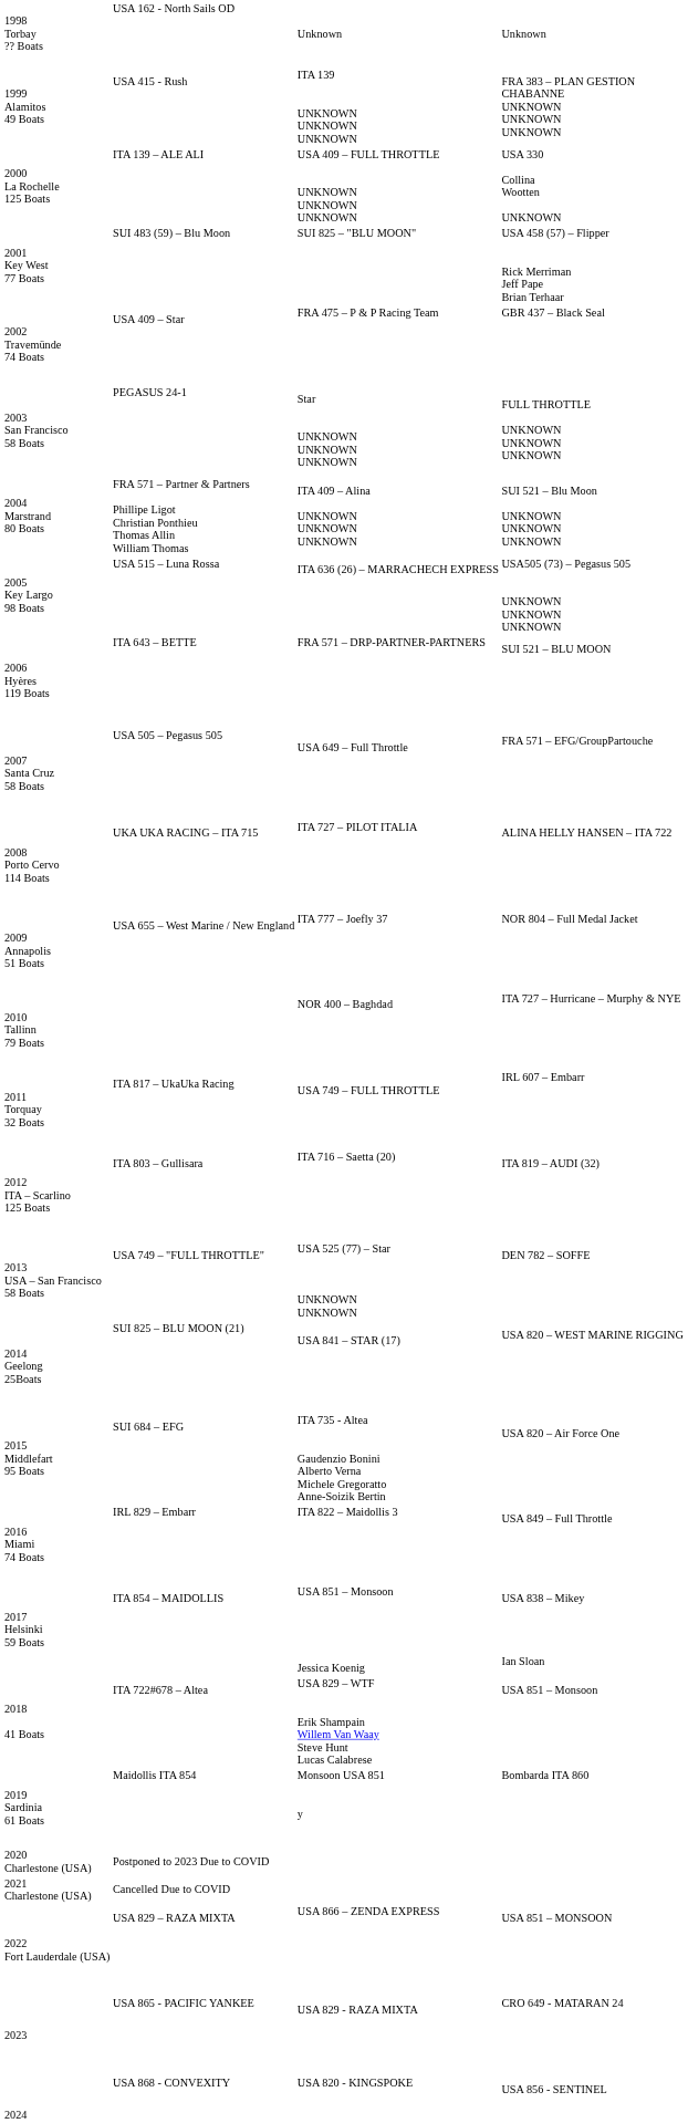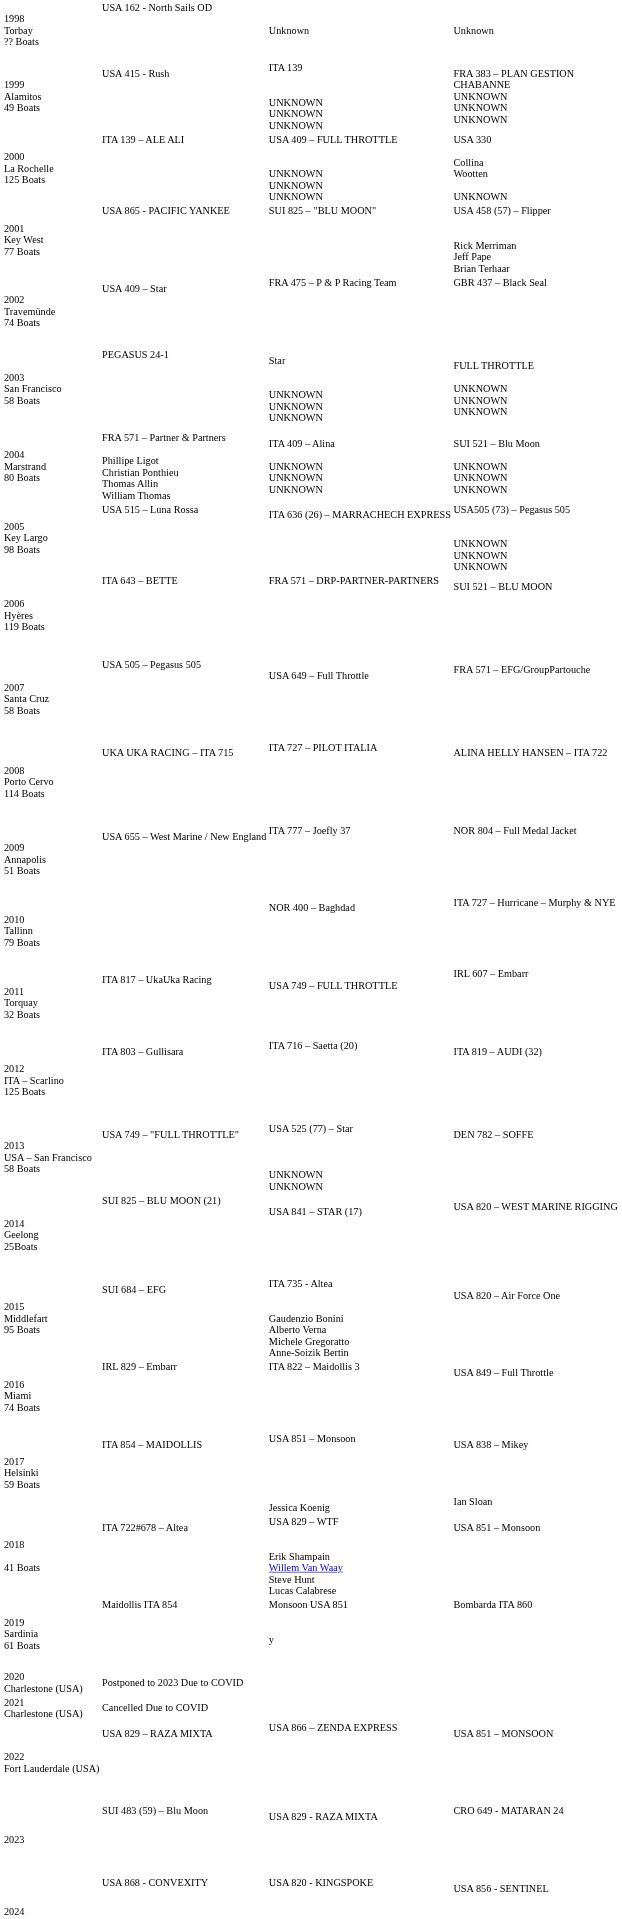 <table>
 <tr>
 <td>1998 <br> Torbay <br>?? Boats</td>
 <td>USA 162 - North Sails OD<br><br><br> <br> <br> </td>
 <td>Unknown</td>
 <td>Unknown</td>
 <td></td>
 </tr>
 <tr>
 <td>1999 <br>Alamitos <br>49 Boats</td>
 <td>USA 415 - Rush<br><br><br> <br> <br> </td>
 <td>ITA 139<br><br><br> UNKNOWN<br> UNKNOWN<br> UNKNOWN</td>
 <td>FRA 383 – PLAN GESTION<br> CHABANNE<br>UNKNOWN<br>UNKNOWN<br>UNKNOWN</td>
 <td></td>
 </tr>
 <tr>
 <td>2000 <br>La Rochelle<br>125 Boats</td>
 <td>ITA 139 – ALE ALI<br><br><br> <br> <br> <br> </td>
 <td>USA 409 – FULL THROTTLE<br><br><br> UNKNOWN<br> UNKNOWN<br> UNKNOWN</td>
 <td>USA 330<br><br>Collina<br> Wootten<br> <br>UNKNOWN</td>
 <td></td>
 </tr>
 <tr>
 <td>2001<br>Key West <br>77 Boats</td>
-<td>SUI 483 (59) – Blu Moon<br><br><br> <br> <br> <br> </td>
+<td>USA 865 - PACIFIC YANKEE<br><br><br> <br> <br> <br> </td>
 <td>SUI 825 – "BLU MOON"<br><br><br> <br> <br> <br> </td>
 <td>USA 458 (57) – Flipper<br><br><br> Rick Merriman<br> Jeff Pape<br> Brian Terhaar</td>
 <td></td>
 </tr>
 <tr>
 <td>2002<br>Travemünde <br>74 Boats</td>
 <td>USA 409 – Star<br><br><br> <br> <br> </td>
 <td>FRA 475 – P & P Racing Team <br><br><br> <br> <br> <br> </td>
 <td>GBR 437 – Black Seal<br><br><br> <br> <br> <br> </td>
 <td></td>
 </tr>
 <tr>
 <td>2003 <br>San Francisco <br>58 Boats</td>
 <td>PEGASUS 24-1<br><br><br> <br> <br> <br> <br></td>
 <td>Star<br><br><br>UNKNOWN<br>UNKNOWN<br>UNKNOWN</td>
 <td>FULL THROTTLE<br><br>UNKNOWN<br>UNKNOWN<br>UNKNOWN</td>
 <td></td>
 </tr>
 <tr>
 <td>2004<br>Marstrand <br>80 Boats</td>
 <td>FRA 571 – Partner & Partners<br><br>Phillipe Ligot<br>Christian Ponthieu<br>Thomas Allin<br>William Thomas</td>
 <td>ITA 409 – Alina<br><br>UNKNOWN<br>UNKNOWN<br>UNKNOWN</td>
 <td>SUI 521 – Blu Moon<br><br>UNKNOWN<br>UNKNOWN<br>UNKNOWN</td>
 <td></td>
 </tr>
 <tr>
 <td>2005<br>Key Largo <br>98 Boats</td>
 <td>USA 515 – Luna Rossa<br><br><br> <br> <br> <br> </td>
 <td>ITA 636 (26) – MARRACHECH EXPRESS<br><br><br> <br> <br> </td>
 <td>USA505 (73) – Pegasus 505<br><br><br>UNKNOWN<br>UNKNOWN<br>UNKNOWN</td>
 <td></td>
 </tr>
 <tr>
 <td>2006<br>Hyères <br> 119 Boats</td>
 <td>ITA 643 – BETTE<br><br><br> <br> <br> <br> <br></td>
 <td>FRA 571 – DRP-PARTNER-PARTNERS<br><br><br> <br> <br> <br> <br></td>
 <td>SUI 521 – BLU MOON<br><br><br> <br> <br> <br> </td>
 <td></td>
 </tr>
 <tr>
 <td>2007<br>Santa Cruz <br>58 Boats</td>
 <td>USA 505 – Pegasus 505<br><br><br> <br> <br> <br> <br></td>
 <td>USA 649 – Full Throttle<br><br><br> <br> <br> </td>
 <td>FRA 571 – EFG/GroupPartouche<br><br><br> <br> <br> <br> </td>
 <td></td>
 </tr>
 <tr>
 <td>2008<br>Porto Cervo <br> 114 Boats</td>
 <td>UKA UKA RACING – ITA 715<br><br><br> <br> <br> <br> </td>
 <td>ITA 727 – PILOT ITALIA<br><br><br> <br> <br> <br> <br></td>
 <td>ALINA HELLY HANSEN – ITA 722 <br><br><br> <br> <br> <br> </td>
 <td></td>
 </tr>
 <tr>
 <td>2009<br>Annapolis <br>51 Boats</td>
 <td>USA 655 – West Marine / New England<br><br><br> <br> <br> </td>
 <td>ITA 777 – Joefly 37<br><br><br> <br> <br> <br> </td>
 <td>NOR 804 – Full Medal Jacket<br><br><br> <br> <br> <br></td>
 <td></td>
 </tr>
 <tr>
 <td>2010<br>Tallinn <br> 79 Boats</td>
 <td><br><br><br> <br> <br> </td>
 <td>NOR 400 – Baghdad<br><br> <br> <br> <br></td>
 <td>ITA 727 – Hurricane – Murphy & NYE<br><br><br> <br> <br> <br> </td>
 <td></td>
 </tr>
 <tr>
 <td>2011<br>Torquay <br>32 Boats</td>
 <td>ITA 817 – UkaUka Racing<br><br> <br> <br> <br> </td>
 <td>USA 749 – FULL THROTTLE<br><br> <br> <br> </td>
 <td>IRL 607 – Embarr<br><br><br> <br> <br> <br> </td>
 <td></td>
 </tr>
 <tr>
 <td>2012<br>ITA – Scarlino<br>125 Boats</td>
 <td>ITA 803 – Gullisara<br><br><br> <br> <br> <br> </td>
 <td>ITA 716 – Saetta (20)<br><br><br> <br> <br> <br> <br></td>
 <td>ITA 819 – AUDI (32)<br><br><br> <br> <br> <br> </td>
 <td></td>
 </tr>
 <tr>
 <td>2013<br>USA – San Francisco<br>58 Boats</td>
 <td>USA 749 – "FULL THROTTLE"<br><br><br> <br> <br> </td>
 <td>USA 525 (77) – Star<br><br><br> <br> UNKNOWN<br> UNKNOWN</td>
 <td>DEN 782 – SOFFE<br><br><br> <br> <br> </td>
 <td></td>
 </tr>
 <tr>
 <td>2014<br>Geelong <br> 25Boats</td>
 <td>SUI 825 – BLU MOON (21)<br><br><br> <br> <br> <br> <br></td>
 <td>USA 841 – STAR (17)<br><br><br> <br> <br> </td>
 <td>USA 820 – WEST MARINE RIGGING<br><br> <br> <br> <br> <br></td>
 <td></td>
 </tr>
 <tr>
 <td>2015<br>Middlefart <br>95 Boats</td>
 <td>SUI 684 – EFG<br><br><br> <br> <br> <br> </td>
 <td>ITA 735 - Altea<br><br><br> Gaudenzio Bonini<br> Alberto Verna<br> Michele Gregoratto<br> Anne-Soizik Bertin</td>
 <td>USA 820 – Air Force One<br><br> <br> <br> <br> </td>
 <td></td>
 </tr>
 <tr>
 <td>2016<br> Miami  <br>74 Boats</td>
 <td>IRL 829 – Embarr<br><br><br> <br> <br> <br> </td>
 <td>ITA 822 – Maidollis 3<br><br><br> <br> <br> <br> </td>
 <td>USA 849 – Full Throttle<br><br><br> <br> <br> </td>
 <td></td>
 </tr>
 <tr>
 <td>2017<br> Helsinki <br>59 Boats</td>
 <td>ITA 854 – MAIDOLLIS<br><br><br> <br> <br> <br> </td>
 <td>USA 851 – Monsoon<br><br><br> <br> <br> <br> Jessica Koenig<br></td>
 <td>USA 838 – Mikey<br><br><br> <br> <br> Ian Sloan<br> </td>
 <td></td>
 </tr>
 <tr>
 <td>2018<br> <br> 41 Boats</td>
 <td>ITA 722#678 – Altea<br><br><br> <br> <br> <br> </td>
 <td>USA 829 – WTF<br><br><br> Erik Shampain<br> <a href='#'>Willem Van Waay</a><br> Steve Hunt<br> Lucas Calabrese</td>
 <td>USA 851 – Monsoon<br><br><br> <br> <br> <br> </td>
 <td></td>
 </tr>
 <tr>
 <td>2019<br>Sardinia <br>61 Boats</td>
 <td>Maidollis ITA 854<br><br><br> <br> <br> <br> </td>
 <td>Monsoon USA 851<br><br><br> y<br> <br> <br> </td>
 <td>Bombarda ITA 860<br><br><br> <br> <br> <br> </td>
 <td></td>
 </tr>
 <tr>
 <td>2020<br>Charlestone (USA)</td>
 <td colspan=3>Postponed to 2023 Due to COVID</td>
 <td></td>
 </tr>
 <tr>
 <td>2021 <br>Charlestone (USA)</td>
 <td colspan=3>Cancelled Due to COVID</td>
 <td></td>
 </tr>
 <tr>
 <td>2022<br>Fort Lauderdale (USA)</td>
 <td>USA 829 – RAZA MIXTA<br><br><br> <br> <br> <br> </td>
 <td>USA 866 – ZENDA EXPRESS<br><br><br> <br> <br> <br> <br></td>
 <td>USA 851 – MONSOON<br><br><br> <br> <br> <br> </td>
 <td></td>
 </tr>
 <tr>
 <td>2023</td>
-<td>USA 865 - PACIFIC YANKEE<br><br><br> <br> <br> <br> </td>
+<td>SUI 483 (59) – Blu Moon<br><br><br> <br> <br> <br> </td>
 <td>USA 829 - RAZA MIXTA<br><br> <br> <br> <br> </td>
 <td>CRO 649 - MATARAN 24<br><br><br> <br> <br> <br> </td>
 <td></td>
 </tr>
 <tr>
 <td>2024</td>
 <td>USA 868 - CONVEXITY<br><br><br> <br> <br> <br> </td>
 <td>USA 820 - KINGSPOKE<br><br><br><br> <br> <br> </td>
 <td>USA 856 - SENTINEL<br><br><br><br> <br> </td>
 <td></td>
 </tr>
 </table>
